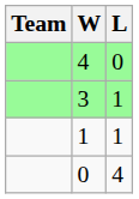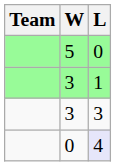 <table class=wikitable>
 <tr>
 <th>Team</th>
 <th>W</th>
 <th>L</th>
 </tr>
 <tr bgcolor=98fb98>
 <td></td>
-<td>4</td>
+<td>5</td>
 <td>0</td>
 </tr>
 <tr bgcolor=98fb98>
 <td></td>
 <td>3</td>
 <td>1</td>
 </tr>
 <tr>
 <td></td>
-<td>1</td>
-<td>1</td>
+<td>3</td>
+<td>3</td>
 </tr>
 <tr>
 <td></td>
 <td>0</td>
-<td>4</td>
+<td style="background: lavender;">4</td>
 </tr>
 </table>
